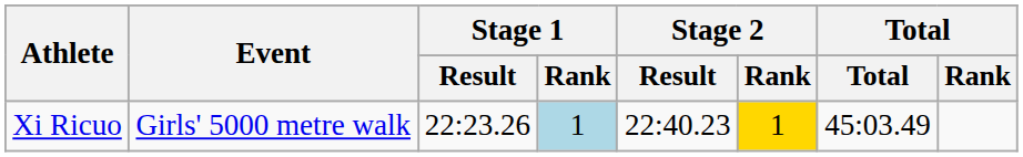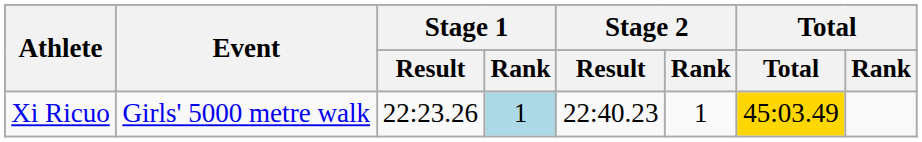 <table class="wikitable" style="font-size:90%">
 <tr>
 <th rowspan=2>Athlete</th>
 <th rowspan=2>Event</th>
 <th colspan=2>Stage 1</th>
 <th colspan=2>Stage 2</th>
 <th colspan=2>Total</th>
 </tr>
 <tr style="font-size:95%">
 <th>Result</th>
 <th>Rank</th>
 <th>Result</th>
 <th>Rank</th>
 <th>Total</th>
 <th>Rank</th>
 </tr>
 <tr align=center>
 <td align=left><a href='#'>Xi Ricuo</a></td>
 <td align=left><a href='#'>Girls' 5000 metre walk</a></td>
 <td>22:23.26</td>
 <td style="background: lightblue;">1</td>
 <td>22:40.23</td>
-<td style="background: gold;">1</td>
-<td>45:03.49</td>
+<td>1</td>
+<td style="background: gold;">45:03.49</td>
 <td></td>
 </tr>
 </table>
